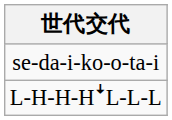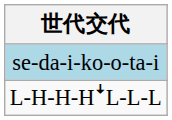 <table class="wikitable" style="text-align:center">
 <tr>
 <th>世代交代</th>
 </tr>
 <tr>
-<td>se-da-i-ko-o-ta-i</td>
+<td style="background: lightblue;">se-da-i-ko-o-ta-i</td>
 </tr>
 <tr>
 <td>L-H-H-HꜜL-L-L</td>
 </tr>
 </table>
